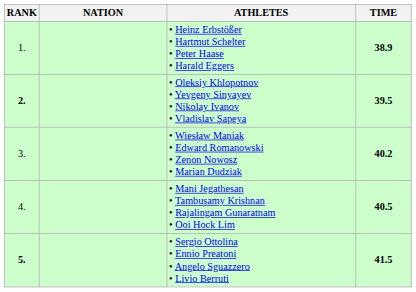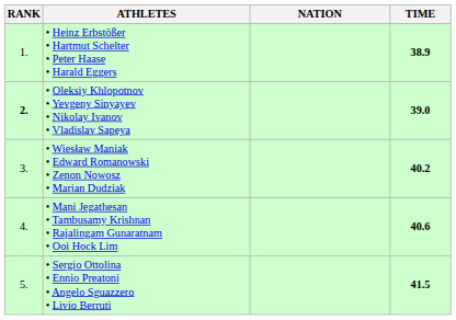 <table class="wikitable" style="border-collapse: collapse; font-size: 90%;">
 <tr>
 <th>RANK</th>
+<th style="width: 18em">ATHLETES</th>
 <th style="width: 12em">NATION</th>
-<th style="width: 18em">ATHLETES</th>
 <th style="width: 5em">TIME</th>
 </tr>
 <tr style="background:#ccffcc;">
 <td align="center">1.</td>
+<td>• <a href='#'>Heinz Erbstößer</a><br>• <a href='#'>Hartmut Schelter</a><br>• <a href='#'>Peter Haase</a><br>• <a href='#'>Harald Eggers</a></td>
 <td align="center"></td>
-<td>• <a href='#'>Heinz Erbstößer</a><br>• <a href='#'>Hartmut Schelter</a><br>• <a href='#'>Peter Haase</a><br>• <a href='#'>Harald Eggers</a></td>
 <td align="center"><strong>38.9</strong></td>
 </tr>
 <tr style="background:#ccffcc;">
 <td align="center"><strong>2.</strong></td>
+<td>• <a href='#'>Oleksiy Khlopotnov</a><br>• <a href='#'>Yevgeny Sinyayev</a><br>• <a href='#'>Nikolay Ivanov</a><br>• <a href='#'>Vladislav Sapeya</a></td>
 <td align="center"></td>
-<td>• <a href='#'>Oleksiy Khlopotnov</a><br>• <a href='#'>Yevgeny Sinyayev</a><br>• <a href='#'>Nikolay Ivanov</a><br>• <a href='#'>Vladislav Sapeya</a></td>
-<td align="center"><strong>39.5</strong></td>
+<td align="center"><strong>39.0</strong></td>
 </tr>
 <tr style="background:#ccffcc;">
 <td align="center">3.</td>
+<td>• <a href='#'>Wiesław Maniak</a><br>• <a href='#'>Edward Romanowski</a><br>• <a href='#'>Zenon Nowosz</a><br>• <a href='#'>Marian Dudziak</a></td>
 <td align="center"></td>
-<td>• <a href='#'>Wiesław Maniak</a><br>• <a href='#'>Edward Romanowski</a><br>• <a href='#'>Zenon Nowosz</a><br>• <a href='#'>Marian Dudziak</a></td>
 <td align="center"><strong>40.2</strong></td>
 </tr>
 <tr style="background:#ccffcc;">
 <td align="center">4.</td>
+<td>• <a href='#'>Mani Jegathesan</a><br>• <a href='#'>Tambusamy Krishnan</a><br>• <a href='#'>Rajalingam Gunaratnam</a><br>• <a href='#'>Ooi Hock Lim</a></td>
 <td align="center"></td>
-<td>• <a href='#'>Mani Jegathesan</a><br>• <a href='#'>Tambusamy Krishnan</a><br>• <a href='#'>Rajalingam Gunaratnam</a><br>• <a href='#'>Ooi Hock Lim</a></td>
-<td align="center"><strong>40.5</strong></td>
+<td align="center"><strong>40.6</strong></td>
 </tr>
 <tr style="background:#ccffcc;">
-<td align="center"><strong>5.</strong></td>
+<td align="center">5.</td>
+<td>• <a href='#'>Sergio Ottolina</a><br>• <a href='#'>Ennio Preatoni</a><br>• <a href='#'>Angelo Sguazzero</a><br>• <a href='#'>Livio Berruti</a></td>
 <td align="center"></td>
-<td>• <a href='#'>Sergio Ottolina</a><br>• <a href='#'>Ennio Preatoni</a><br>• <a href='#'>Angelo Sguazzero</a><br>• <a href='#'>Livio Berruti</a></td>
 <td align="center"><strong>41.5</strong></td>
 </tr>
 </table>
